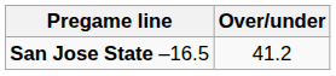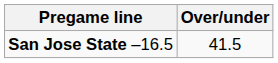 <table class="wikitable">
 <tr align="center">
 <th>Pregame line</th>
 <th>Over/under</th>
 </tr>
 <tr align="center">
 <td><strong>San Jose State</strong> –16.5</td>
-<td>41.2</td>
+<td>41.5</td>
 </tr>
 </table>
